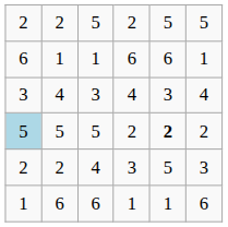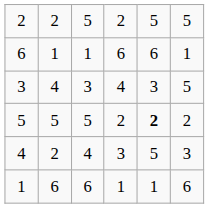 <table class="wikitable" style="margin-left:auto;margin-right:auto;text-align:center;width:12em;height:12em;table-layout:fixed;">
 <tr>
 <td>2</td>
 <td>2</td>
 <td>5</td>
 <td>2</td>
 <td>5</td>
 <td>5</td>
 </tr>
 <tr>
 <td>6</td>
 <td>1</td>
 <td>1</td>
 <td>6</td>
 <td>6</td>
 <td>1</td>
 </tr>
 <tr>
 <td>3</td>
 <td>4</td>
 <td>3</td>
 <td>4</td>
 <td>3</td>
-<td>4</td>
+<td>5</td>
 </tr>
 <tr>
-<td style="background: lightblue;">5</td>
+<td>5</td>
 <td>5</td>
 <td>5</td>
 <td>2</td>
 <td><strong>2</strong></td>
 <td>2</td>
 </tr>
 <tr>
-<td>2</td>
+<td>4</td>
 <td>2</td>
 <td>4</td>
 <td>3</td>
 <td>5</td>
 <td>3</td>
 </tr>
 <tr>
 <td>1</td>
 <td>6</td>
 <td>6</td>
 <td>1</td>
 <td>1</td>
 <td>6</td>
 </tr>
 </table>
